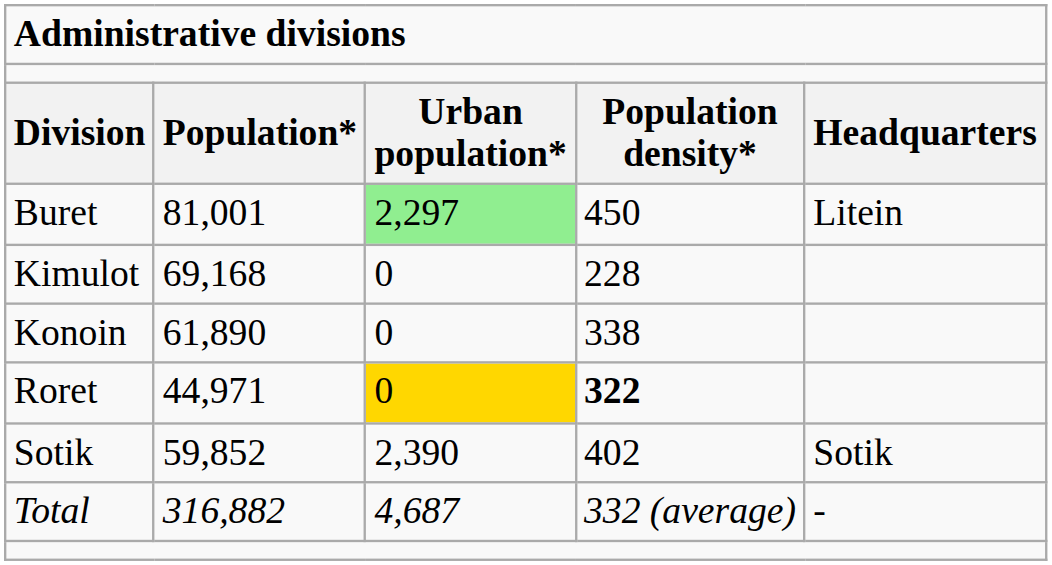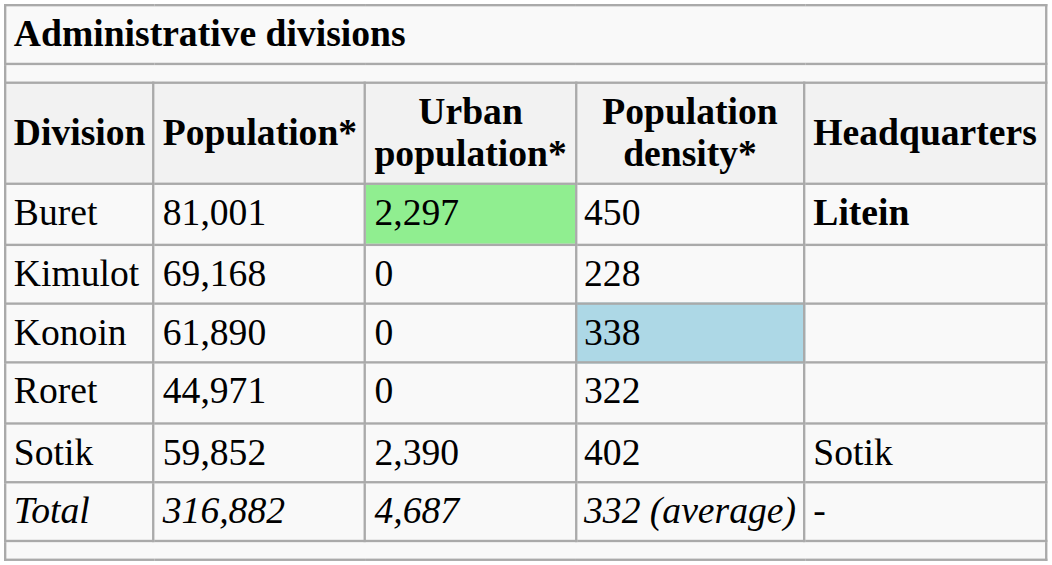 <table class="wikitable">
 <tr>
 <td colspan="5"><strong>Administrative divisions</strong></td>
 </tr>
 <tr>
 <td colspan="5"></td>
 </tr>
 <tr>
 <th>Division</th>
 <th>Population*</th>
 <th>Urban<br>population*</th>
 <th>Population<br>density*</th>
 <th>Headquarters</th>
 </tr>
 <tr>
 <td>Buret</td>
 <td>81,001</td>
 <td style="background: lightgreen;">2,297</td>
 <td>450</td>
-<td>Litein</td>
+<td><strong>Litein</strong></td>
 </tr>
 <tr>
 <td>Kimulot</td>
 <td>69,168</td>
 <td>0</td>
 <td>228</td>
 <td></td>
 </tr>
 <tr>
 <td>Konoin</td>
 <td>61,890</td>
 <td>0</td>
-<td>338</td>
+<td style="background: lightblue;">338</td>
 <td></td>
 </tr>
 <tr>
 <td>Roret</td>
 <td>44,971</td>
-<td style="background: gold;">0</td>
-<td><strong>322</strong></td>
+<td>0</td>
+<td>322</td>
 <td></td>
 </tr>
 <tr>
 <td>Sotik</td>
 <td>59,852</td>
 <td>2,390</td>
 <td>402</td>
 <td>Sotik</td>
 </tr>
 <tr>
 <td><em>Total</em></td>
 <td><em>316,882</em></td>
 <td><em>4,687</em></td>
 <td><em>332 (average)</em></td>
 <td>-</td>
 </tr>
 <tr>
 <td colspan="5"></td>
 </tr>
 </table>
